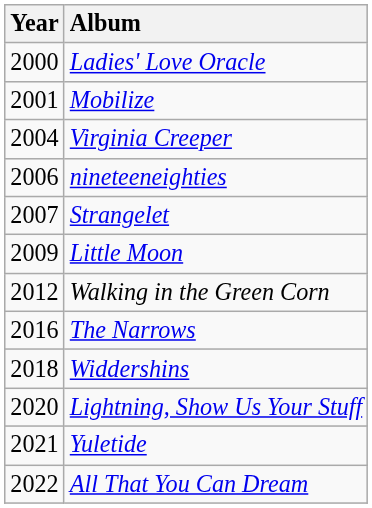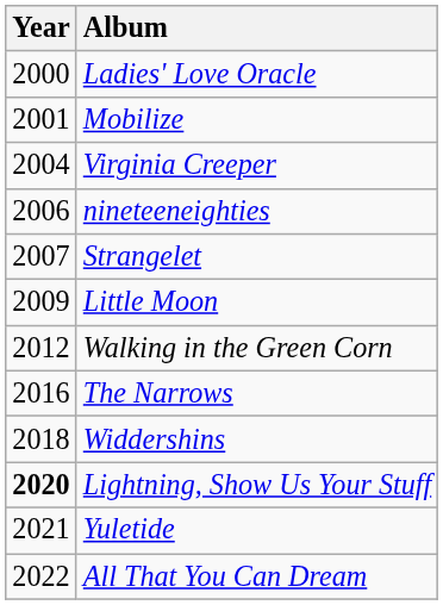 <table class="wikitable">
 <tr>
 <th style="text-align:left; vertical-align:top;">Year</th>
 <th style="text-align:left; vertical-align:top;">Album</th>
 </tr>
 <tr>
 <td style="text-align:left; vertical-align:top;">2000</td>
 <td style="text-align:left; vertical-align:top;"><em><a href='#'>Ladies' Love Oracle</a></em></td>
 </tr>
 <tr>
 <td style="text-align:left; vertical-align:top;">2001</td>
 <td style="text-align:left; vertical-align:top;"><em><a href='#'>Mobilize</a></em></td>
 </tr>
 <tr>
 <td style="text-align:left; vertical-align:top;">2004</td>
 <td style="text-align:left; vertical-align:top;"><em><a href='#'>Virginia Creeper</a></em></td>
 </tr>
 <tr>
 <td style="text-align:left; vertical-align:top;">2006</td>
 <td style="text-align:left; vertical-align:top;"><em><a href='#'>nineteeneighties</a></em></td>
 </tr>
 <tr>
 <td style="text-align:left; vertical-align:top;">2007</td>
 <td style="text-align:left; vertical-align:top;"><em><a href='#'>Strangelet</a></em></td>
 </tr>
 <tr>
 <td style="text-align:left; vertical-align:top;">2009</td>
 <td style="text-align:left; vertical-align:top;"><em><a href='#'>Little Moon</a></em></td>
 </tr>
 <tr>
 <td style="text-align:left; vertical-align:top;">2012</td>
 <td style="text-align:left; vertical-align:top;"><em>Walking in the Green Corn</em></td>
 </tr>
 <tr>
 <td style="text-align:left; vertical-align:top;">2016</td>
 <td style="text-align:left; vertical-align:top;"><em><a href='#'>The Narrows</a></em></td>
 </tr>
 <tr>
 <td style="text-align:left; vertical-align:top;">2018</td>
 <td style="text-align:left; vertical-align:top;"><em><a href='#'>Widdershins</a></em></td>
 </tr>
 <tr>
-<td style="text-align:left; vertical-align:top;">2020</td>
+<td style="text-align:left; vertical-align:top;"><strong>2020</strong></td>
 <td style="text-align:left; vertical-align:top;"><em><a href='#'>Lightning, Show Us Your Stuff</a></em></td>
 </tr>
 <tr>
 <td style="text-align:left; vertical-align:top;">2021</td>
 <td style="text-align:left; vertical-align:top;"><em><a href='#'>Yuletide</a></em></td>
 </tr>
 <tr>
 <td>2022</td>
 <td><em><a href='#'>All That You Can Dream</a></em></td>
 </tr>
 </table>
